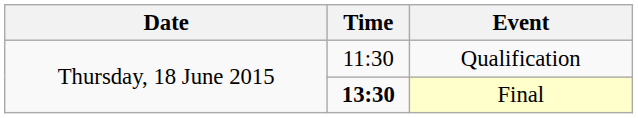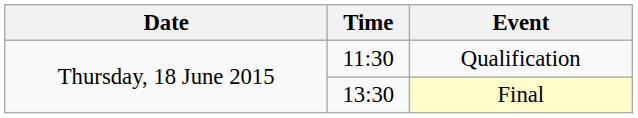 <table class = "wikitable" style="text-align:center;">
 <tr>
 <th width=220>Date</th>
 <th width=50>Time</th>
 <th width=150>Event</th>
 </tr>
 <tr>
 <td rowspan=2>Thursday, 18 June 2015</td>
 <td>11:30</td>
 <td>Qualification</td>
 </tr>
 <tr>
-<td><strong>13:30</strong></td>
+<td>13:30</td>
 <td bgcolor=ffffcc>Final</td>
 </tr>
 </table>
